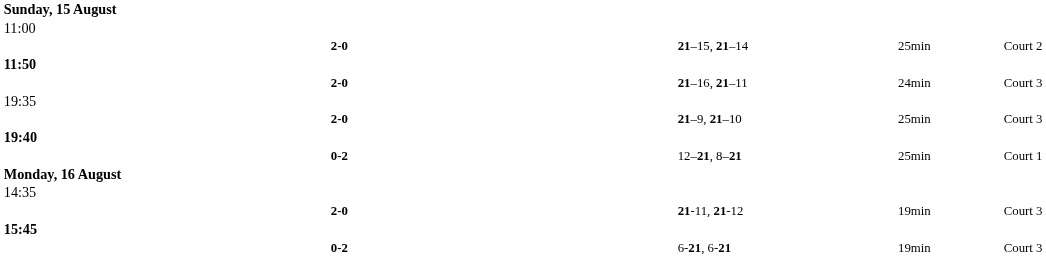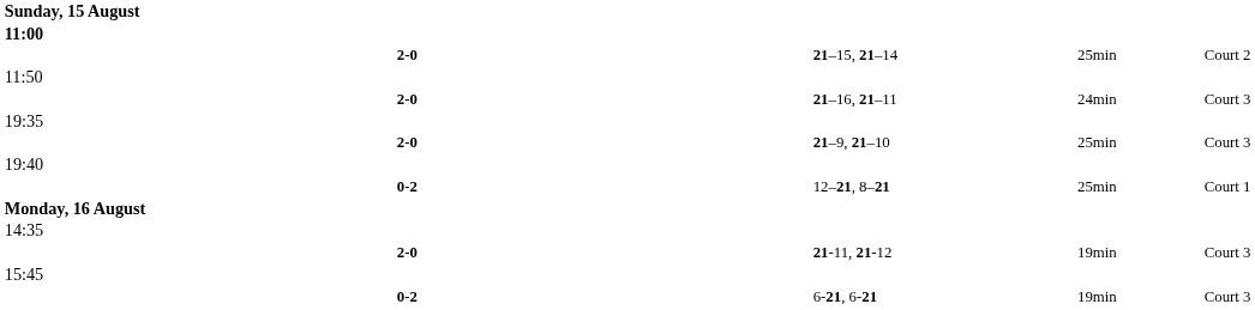 <table style="width:100%;" cellspacing="1">
 <tr>
 <th width=25%></th>
 <th width=10%></th>
 <th width=25%></th>
 </tr>
 <tr>
 <td><strong>Sunday, 15 August</strong></td>
 </tr>
 <tr>
-<td>11:00</td>
+<td><strong>11:00</strong></td>
 </tr>
 <tr style=font-size:90%>
 <td align=right><strong></strong></td>
 <td align=center><strong> 2-0 </strong></td>
 <td></td>
 <td><strong>21</strong>–15, <strong>21</strong>–14</td>
 <td>25min</td>
 <td>Court 2</td>
 </tr>
 <tr>
-<td><strong>11:50</strong></td>
+<td>11:50</td>
 </tr>
 <tr style=font-size:90%>
 <td align=right><strong></strong></td>
 <td align=center><strong> 2-0 </strong></td>
 <td></td>
 <td><strong>21</strong>–16, <strong>21</strong>–11</td>
 <td>24min</td>
 <td>Court 3</td>
 </tr>
 <tr>
 <td>19:35</td>
 </tr>
 <tr style=font-size:90%>
 <td align=right><strong></strong></td>
 <td align=center><strong> 2-0 </strong></td>
 <td></td>
 <td><strong>21</strong>–9, <strong>21</strong>–10</td>
 <td>25min</td>
 <td>Court 3</td>
 </tr>
 <tr>
-<td><strong>19:40</strong></td>
+<td>19:40</td>
 </tr>
 <tr style=font-size:90%>
 <td align=right></td>
 <td align=center><strong> 0-2 </strong></td>
 <td><strong></strong></td>
 <td>12–<strong>21</strong>, 8–<strong>21</strong></td>
 <td>25min</td>
 <td>Court 1</td>
 </tr>
 <tr>
 <td><strong>Monday, 16 August</strong></td>
 </tr>
 <tr>
 <td>14:35</td>
 </tr>
 <tr style=font-size:90%>
 <td align=right><strong></strong></td>
 <td align=center><strong> 2-0 </strong></td>
 <td></td>
 <td><strong>21</strong>-11, <strong>21</strong>-12</td>
 <td>19min</td>
 <td>Court 3</td>
 </tr>
 <tr>
-<td><strong>15:45</strong></td>
+<td>15:45</td>
 </tr>
 <tr style=font-size:90%>
 <td align=right></td>
 <td align=center><strong> 0-2 </strong></td>
 <td><strong></strong></td>
 <td>6-<strong>21</strong>, 6-<strong>21</strong></td>
 <td>19min</td>
 <td>Court 3</td>
 </tr>
 </table>
